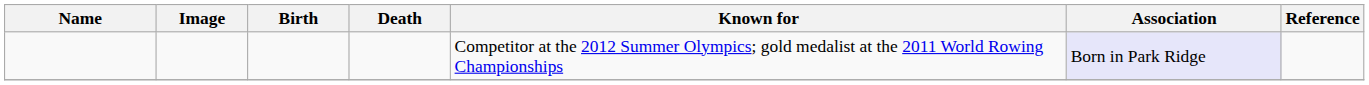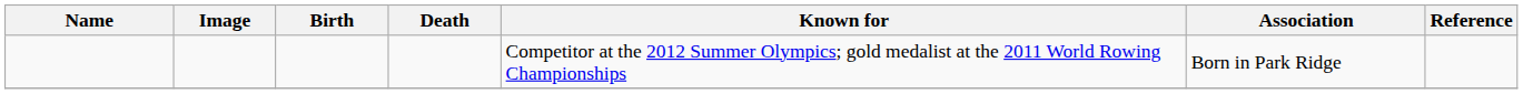 <table class="wikitable sortable">
 <tr>
 <th scope="col" width="140">Name</th>
 <th scope="col" width="80" class="unsortable">Image</th>
 <th scope="col" width="90">Birth</th>
 <th scope="col" width="90">Death</th>
 <th scope="col" width="600" class="unsortable">Known for</th>
 <th scope="col" width="200" class="unsortable">Association</th>
 <th scope="col" width="30" class="unsortable">Reference</th>
 </tr>
 <tr>
 <td></td>
 <td></td>
 <td align=right></td>
 <td></td>
 <td>Competitor at the <a href='#'>2012 Summer Olympics</a>; gold medalist at the <a href='#'>2011 World Rowing Championships</a></td>
-<td style="background: lavender;">Born in Park Ridge</td>
+<td>Born in Park Ridge</td>
 <td align="center"></td>
 </tr>
 <tr>
 </tr>
 </table>
